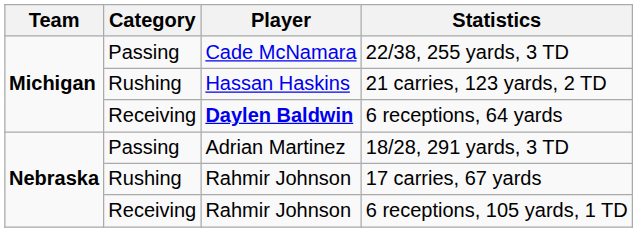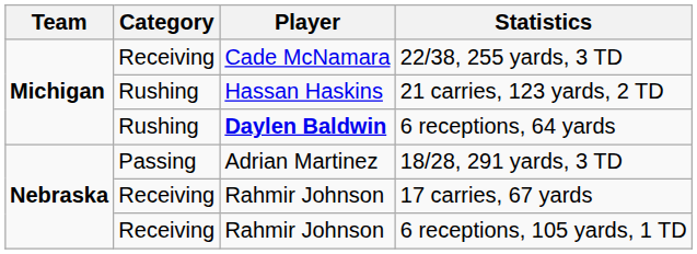 <table class="wikitable" style="float: right;">
 <tr>
 <th>Team</th>
 <th>Category</th>
 <th>Player</th>
 <th>Statistics</th>
 </tr>
 <tr>
 <td rowspan=3><strong>Michigan</strong></td>
-<td>Passing</td>
+<td>Receiving</td>
 <td><a href='#'>Cade McNamara</a></td>
 <td>22/38, 255 yards, 3 TD</td>
 </tr>
 <tr>
 <td>Rushing</td>
 <td><a href='#'>Hassan Haskins</a></td>
 <td>21 carries, 123 yards, 2 TD</td>
 </tr>
 <tr>
-<td>Receiving</td>
+<td>Rushing</td>
 <td><strong><a href='#'>Daylen Baldwin</a></strong></td>
 <td>6 receptions, 64 yards</td>
 </tr>
 <tr>
 <td rowspan=3><strong>Nebraska</strong></td>
 <td>Passing</td>
 <td>Adrian Martinez</td>
 <td>18/28, 291 yards, 3 TD</td>
 </tr>
 <tr>
-<td>Rushing</td>
+<td>Receiving</td>
 <td>Rahmir Johnson</td>
 <td>17 carries, 67 yards</td>
 </tr>
 <tr>
 <td>Receiving</td>
 <td>Rahmir Johnson</td>
 <td>6 receptions, 105 yards, 1 TD</td>
 </tr>
 </table>
